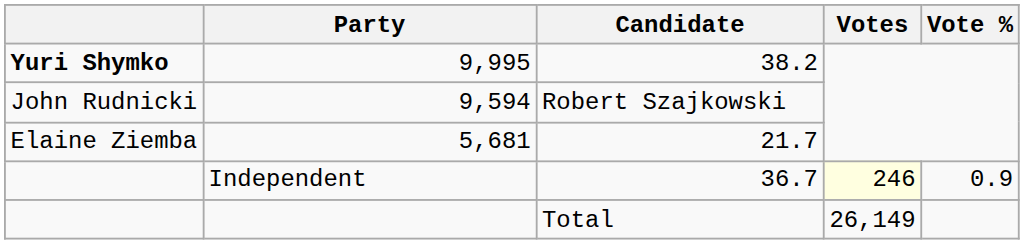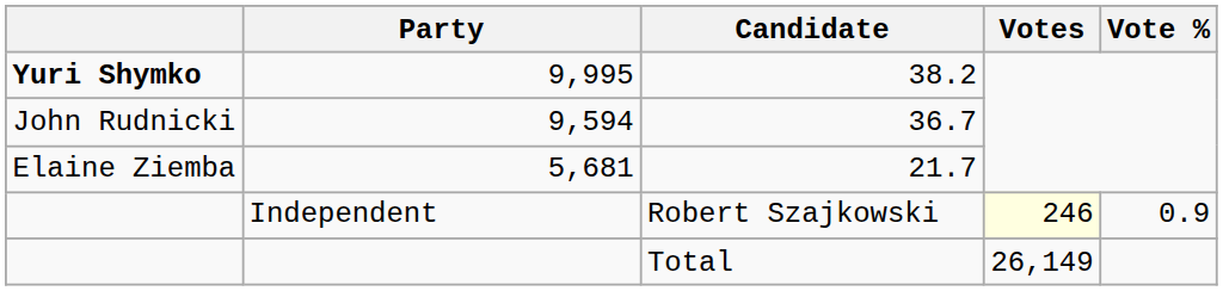 <table class="wikitable">
 <tr>
 <th></th>
 <th scope="col" width="175">Party</th>
 <th scope="col" width="150">Candidate</th>
 <th>Votes</th>
 <th>Vote %</th>
 </tr>
 <tr>
 <td><strong>Yuri Shymko</strong></td>
 <td align=right>9,995</td>
 <td align=right>38.2</td>
 </tr>
 <tr |>
 <td>John Rudnicki</td>
 <td align=right>9,594</td>
-<td>Robert Szajkowski</td>
+<td align=right>36.7</td>
 </tr>
 <tr |>
 <td>Elaine Ziemba</td>
 <td align=right>5,681</td>
 <td align=right>21.7<br></td>
 </tr>
 <tr |>
 <td>   </td>
 <td>Independent</td>
-<td align=right>36.7</td>
+<td>Robert Szajkowski</td>
 <td align=right style="background: lightyellow;">246</td>
 <td align=right>0.9<br></td>
 </tr>
 <tr |>
 <td></td>
 <td></td>
 <td>Total</td>
 <td align=right>26,149</td>
 <td></td>
 </tr>
 </table>
